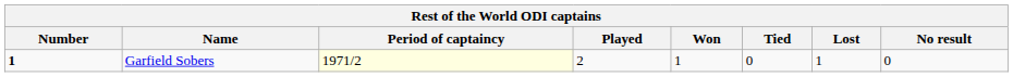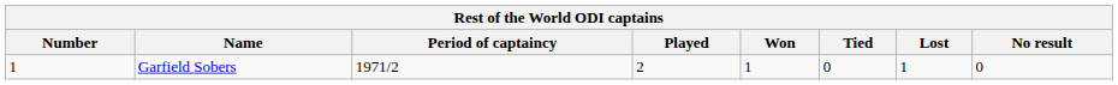 <table class="wikitable" width="90%">
 <tr bgcolor="#efefef">
 <th colspan=8 style="border-right:0px;";>Rest of the World ODI captains</th>
 </tr>
 <tr bgcolor="#efefef">
 <th>Number</th>
 <th>Name</th>
 <th>Period of captaincy</th>
 <th>Played</th>
 <th>Won</th>
 <th>Tied</th>
 <th>Lost</th>
 <th>No result</th>
 </tr>
 <tr>
-<td><strong>1</strong></td>
+<td>1</td>
 <td><a href='#'>Garfield Sobers</a></td>
-<td style="background: lightyellow;">1971/2</td>
+<td>1971/2</td>
 <td>2</td>
 <td>1</td>
 <td>0</td>
 <td>1</td>
 <td>0</td>
 </tr>
 </table>
